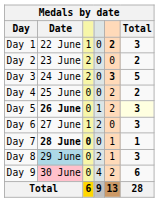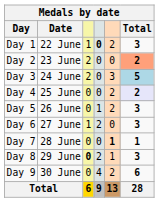 <table class=wikitable style="text-align:center;font-size:85%;float:right;clear:right;">
 <tr bgcolor=efefef>
 <th colspan=6>Medals by date</th>
 </tr>
 <tr>
 <th>Day</th>
 <th>Date</th>
 <td bgcolor=#f7f6a8></td>
 <td bgcolor=#dce5e5></td>
 <td bgcolor=#ffdab9></td>
 <th>Total</th>
 </tr>
 <tr>
 <td>Day 1</td>
 <td>22 June</td>
 <td bgcolor=F7F6A8>1</td>
-<td bgcolor=DCE5E5>0</td>
-<td bgcolor=FFDAB9><strong>2</strong></td>
+<td bgcolor=DCE5E5><strong>0</strong></td>
+<td bgcolor=FFDAB9>2</td>
 <td><strong>3</strong></td>
 </tr>
 <tr>
 <td>Day 2</td>
 <td>23 June</td>
 <td bgcolor=F7F6A8>2</td>
 <td bgcolor=DCE5E5>0</td>
 <td bgcolor=FFDAB9>0</td>
-<td><strong>2</strong></td>
+<td style="background: lightsalmon;"><strong>2</strong></td>
 </tr>
 <tr>
 <td>Day 3</td>
 <td>24 June</td>
 <td bgcolor=F7F6A8>2</td>
 <td bgcolor=DCE5E5>0</td>
-<td bgcolor=FFDAB9><strong>3</strong></td>
-<td><strong>5</strong></td>
+<td bgcolor=FFDAB9>3</td>
+<td style="background: lightblue;"><strong>5</strong></td>
 </tr>
 <tr>
 <td>Day 4</td>
 <td>25 June</td>
 <td bgcolor=F7F6A8>0</td>
 <td bgcolor=DCE5E5>0</td>
 <td bgcolor=FFDAB9>2</td>
-<td><strong>2</strong></td>
+<td style="background: lavender;"><strong>2</strong></td>
 </tr>
 <tr>
 <td>Day 5</td>
-<td><strong>26 June</strong></td>
+<td>26 June</td>
 <td bgcolor=F7F6A8>0</td>
 <td bgcolor=DCE5E5>1</td>
 <td bgcolor=FFDAB9>2</td>
-<td style="background: lightyellow;"><strong>3</strong></td>
+<td><strong>3</strong></td>
 </tr>
 <tr>
 <td>Day 6</td>
 <td>27 June</td>
 <td bgcolor=F7F6A8>1</td>
 <td bgcolor=DCE5E5>2</td>
 <td bgcolor=FFDAB9>0</td>
 <td><strong>3</strong></td>
 </tr>
 <tr>
 <td>Day 7</td>
-<td><strong>28 June</strong></td>
-<td bgcolor=F7F6A8><strong>0</strong></td>
+<td>28 June</td>
+<td bgcolor=F7F6A8>0</td>
 <td bgcolor=DCE5E5>0</td>
-<td bgcolor=FFDAB9>1</td>
+<td bgcolor=FFDAB9><strong>1</strong></td>
 <td><strong>1</strong></td>
 </tr>
 <tr>
 <td>Day 8</td>
-<td style="background: lightblue;">29 June</td>
-<td bgcolor=F7F6A8>0</td>
+<td>29 June</td>
+<td bgcolor=F7F6A8><strong>0</strong></td>
 <td bgcolor=DCE5E5>2</td>
 <td bgcolor=FFDAB9>1</td>
 <td><strong>3</strong></td>
 </tr>
 <tr>
 <td>Day 9</td>
-<td style="background: pink;">30 June</td>
+<td>30 June</td>
 <td bgcolor=F7F6A8>0</td>
 <td bgcolor=DCE5E5>4</td>
 <td bgcolor=FFDAB9>2</td>
 <td><strong>6</strong></td>
 </tr>
 <tr>
 <th colspan=2>Total</th>
 <th style="background:gold">6</th>
 <th style="background:silver">9</th>
 <th style="background:#c96">13</th>
 <th>28</th>
 </tr>
 </table>
